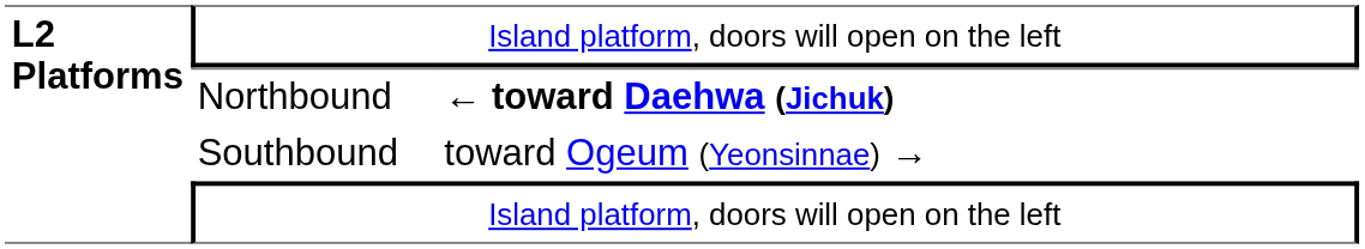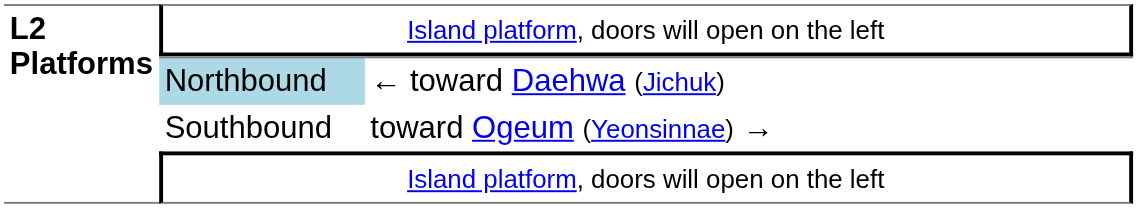 <table table border=0 cellspacing=0 cellpadding=3>
 <tr>
 <td style="border-top:solid 1px gray;border-bottom:solid 1px gray;" width=50 rowspan=10 valign=top><strong>L2<br>Platforms</strong></td>
 <td style="border-top:solid 1px gray;border-right:solid 2px black;border-left:solid 2px black;border-bottom:solid 2px black;text-align:center;" colspan=2><small><a href='#'>Island platform</a>, doors will open on the left</small></td>
 </tr>
 <tr>
-<td style="border-bottom:solid 0px gray;border-top:solid 1px gray;" width=100>Northbound</td>
-<td style="border-bottom:solid 0px gray;border-top:solid 1px gray;" width=390><strong>←  toward <a href='#'>Daehwa</a> <small>(<a href='#'>Jichuk</a>)</small></strong></td>
+<td style="background: lightblue; border-bottom:solid 0px gray;border-top:solid 1px gray;" width=100>Northbound</td>
+<td style="border-bottom:solid 0px gray;border-top:solid 1px gray;" width=390>←  toward <a href='#'>Daehwa</a> <small>(<a href='#'>Jichuk</a>)</small></td>
 </tr>
 <tr>
 <td>Southbound</td>
 <td>  toward <a href='#'>Ogeum</a> <small>(<a href='#'>Yeonsinnae</a>)</small> →</td>
 </tr>
 <tr>
 <td style="border-top:solid 2px black;border-right:solid 2px black;border-left:solid 2px black;border-bottom:solid 1px gray;text-align:center;" colspan=2><small><a href='#'>Island platform</a>, doors will open on the left </small></td>
 </tr>
 </table>
